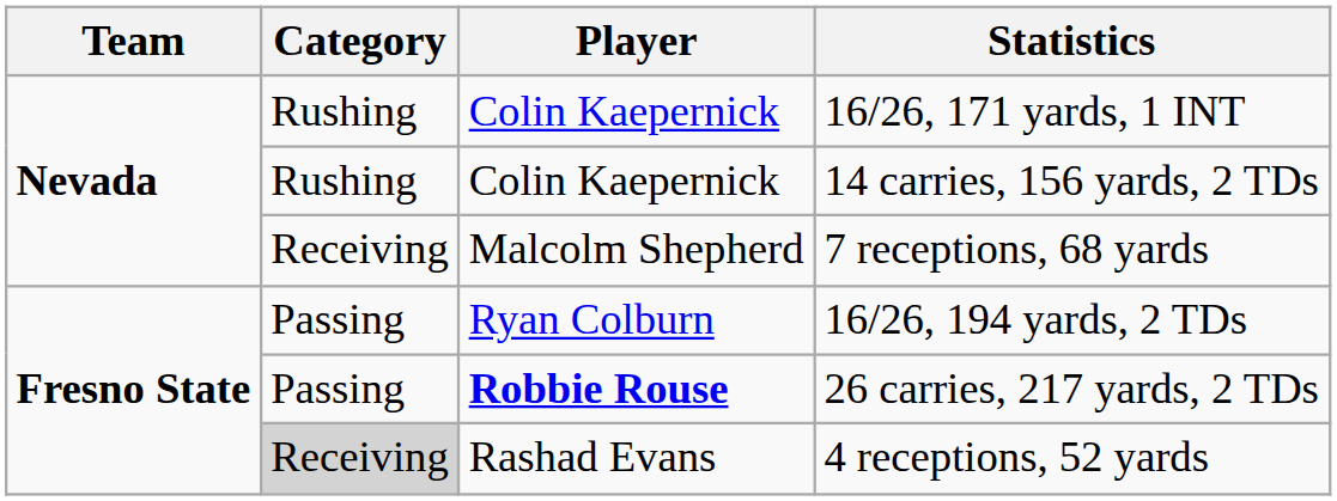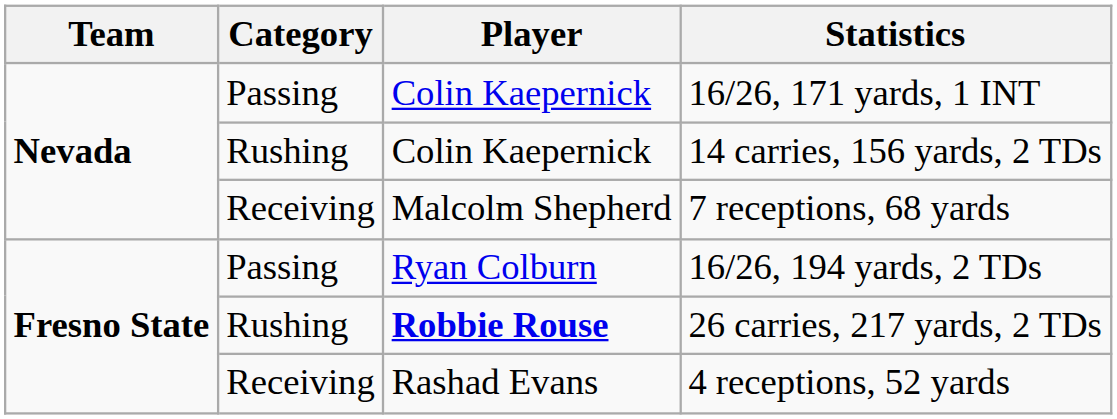 <table class="wikitable" style="float: left;">
 <tr>
 <th>Team</th>
 <th>Category</th>
 <th>Player</th>
 <th>Statistics</th>
 </tr>
 <tr>
 <td rowspan=3><strong>Nevada</strong></td>
-<td>Rushing</td>
+<td>Passing</td>
 <td><a href='#'>Colin Kaepernick</a></td>
 <td>16/26, 171 yards, 1 INT</td>
 </tr>
 <tr>
 <td>Rushing</td>
 <td>Colin Kaepernick</td>
 <td>14 carries, 156 yards, 2 TDs</td>
 </tr>
 <tr>
 <td>Receiving</td>
 <td>Malcolm Shepherd</td>
 <td>7 receptions, 68 yards</td>
 </tr>
 <tr>
 <td rowspan=3><strong>Fresno State</strong></td>
 <td>Passing</td>
 <td><a href='#'>Ryan Colburn</a></td>
 <td>16/26, 194 yards, 2 TDs</td>
 </tr>
 <tr>
-<td>Passing</td>
+<td>Rushing</td>
 <td><strong><a href='#'>Robbie Rouse</a></strong></td>
 <td>26 carries, 217 yards, 2 TDs</td>
 </tr>
 <tr>
-<td style="background: lightgrey;">Receiving</td>
+<td>Receiving</td>
 <td>Rashad Evans</td>
 <td>4 receptions, 52 yards</td>
 </tr>
 </table>
